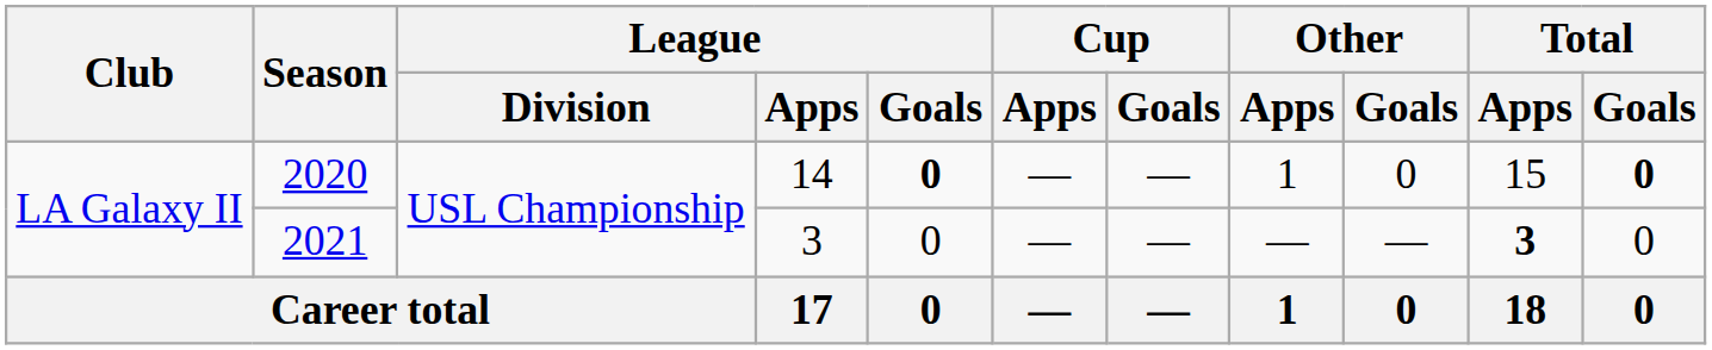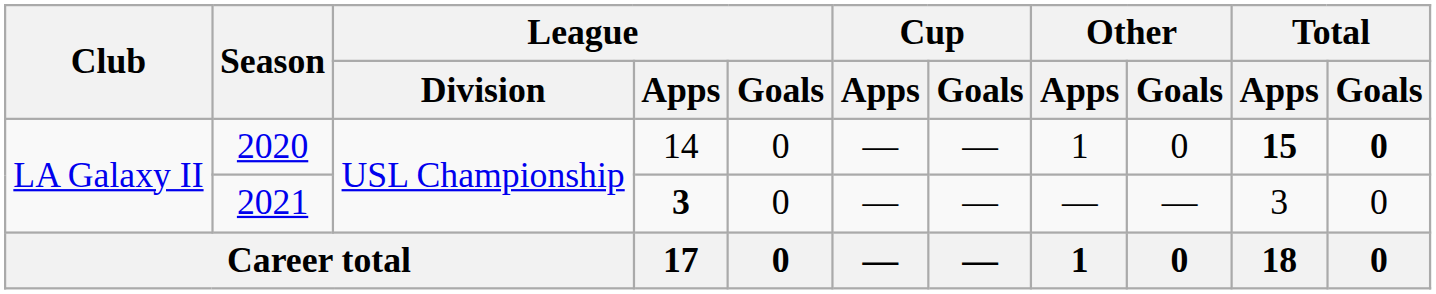 <table class=wikitable style=text-align:center>
 <tr>
 <th rowspan=2>Club</th>
 <th rowspan=2>Season</th>
 <th colspan=3>League</th>
 <th colspan=2>Cup</th>
 <th colspan=2>Other</th>
 <th colspan=2>Total</th>
 </tr>
 <tr>
 <th>Division</th>
 <th>Apps</th>
 <th>Goals</th>
 <th>Apps</th>
 <th>Goals</th>
 <th>Apps</th>
 <th>Goals</th>
 <th>Apps</th>
 <th>Goals</th>
 </tr>
 <tr>
 <td rowspan=2><a href='#'>LA Galaxy II</a></td>
 <td><a href='#'>2020</a></td>
 <td rowspan=2><a href='#'>USL Championship</a></td>
 <td>14</td>
-<td><strong>0</strong></td>
+<td>0</td>
 <td>—</td>
 <td>—</td>
 <td>1</td>
 <td>0</td>
-<td>15</td>
+<td><strong>15</strong></td>
 <td><strong>0</strong></td>
 </tr>
 <tr>
 <td><a href='#'>2021</a></td>
-<td>3</td>
+<td><strong>3</strong></td>
 <td>0</td>
 <td>—</td>
 <td>—</td>
 <td>—</td>
 <td>—</td>
-<td><strong>3</strong></td>
+<td>3</td>
 <td>0</td>
 </tr>
 <tr>
 <th colspan=3>Career total</th>
 <th>17</th>
 <th>0</th>
 <th>—</th>
 <th>—</th>
 <th>1</th>
 <th>0</th>
 <th>18</th>
 <th>0</th>
 </tr>
 </table>
